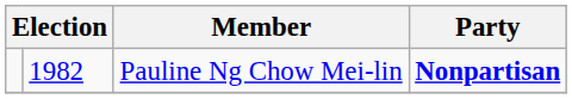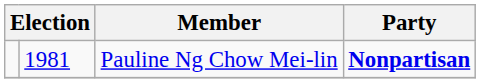 <table class="wikitable">
 <tr>
 <th colspan="2">Election</th>
 <th>Member</th>
 <th>Party</th>
 </tr>
 <tr>
 <td style="background-color: "></td>
-<td><a href='#'>1982</a></td>
+<td><a href='#'>1981</a></td>
 <td><a href='#'>Pauline Ng Chow Mei-lin</a></td>
 <td><strong><a href='#'>Nonpartisan</a></strong></td>
 </tr>
 <tr>
 </tr>
 </table>
